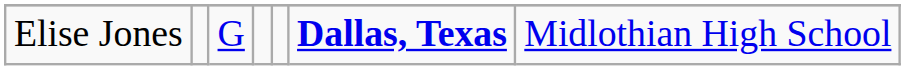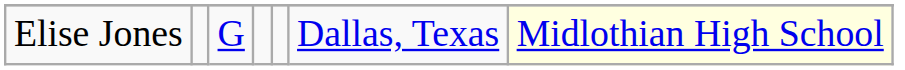 <table class="wikitable sortable" style="text-align: center">
 <tr align=center>
 </tr>
 <tr>
 <td>Elise Jones</td>
 <td></td>
 <td><a href='#'>G</a></td>
 <td></td>
 <td></td>
-<td><strong><a href='#'>Dallas, Texas</a></strong></td>
-<td><a href='#'>Midlothian High School</a></td>
+<td><a href='#'>Dallas, Texas</a></td>
+<td style="background: lightyellow;"><a href='#'>Midlothian High School</a></td>
 </tr>
 </table>
